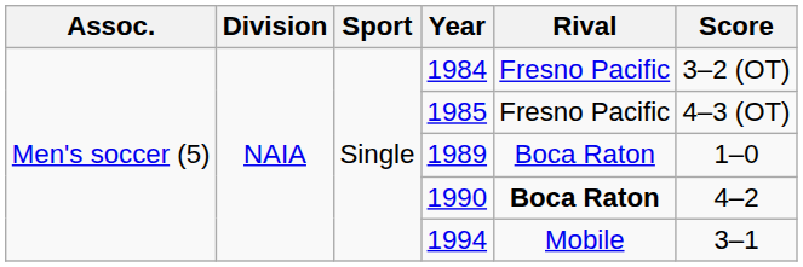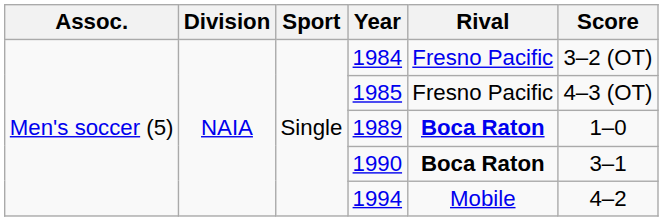 <table class="wikitable">
 <tr>
 <th width=px>Assoc.</th>
 <th width=px>Division</th>
 <th width=px>Sport</th>
 <th width=px>Year</th>
 <th width=px>Rival</th>
 <th width=px>Score</th>
 </tr>
 <tr align="center">
 <td rowspan="5"><a href='#'>Men's soccer</a> (5)</td>
 <td rowspan="5"><a href='#'>NAIA</a></td>
 <td rowspan="5">Single</td>
 <td><a href='#'>1984</a></td>
 <td><a href='#'>Fresno Pacific</a></td>
 <td>3–2 (OT)</td>
 </tr>
 <tr align="center">
 <td><a href='#'>1985</a></td>
 <td>Fresno Pacific</td>
 <td>4–3 (OT)</td>
 </tr>
 <tr align="center">
 <td><a href='#'>1989</a></td>
-<td><a href='#'>Boca Raton</a></td>
+<td><strong><a href='#'>Boca Raton</a></strong></td>
 <td>1–0</td>
 </tr>
 <tr align="center">
 <td><a href='#'>1990</a></td>
 <td><strong>Boca Raton</strong></td>
-<td>4–2</td>
+<td>3–1</td>
 </tr>
 <tr align="center">
 <td><a href='#'>1994</a></td>
 <td><a href='#'>Mobile</a></td>
-<td>3–1</td>
+<td>4–2</td>
 </tr>
 </table>
